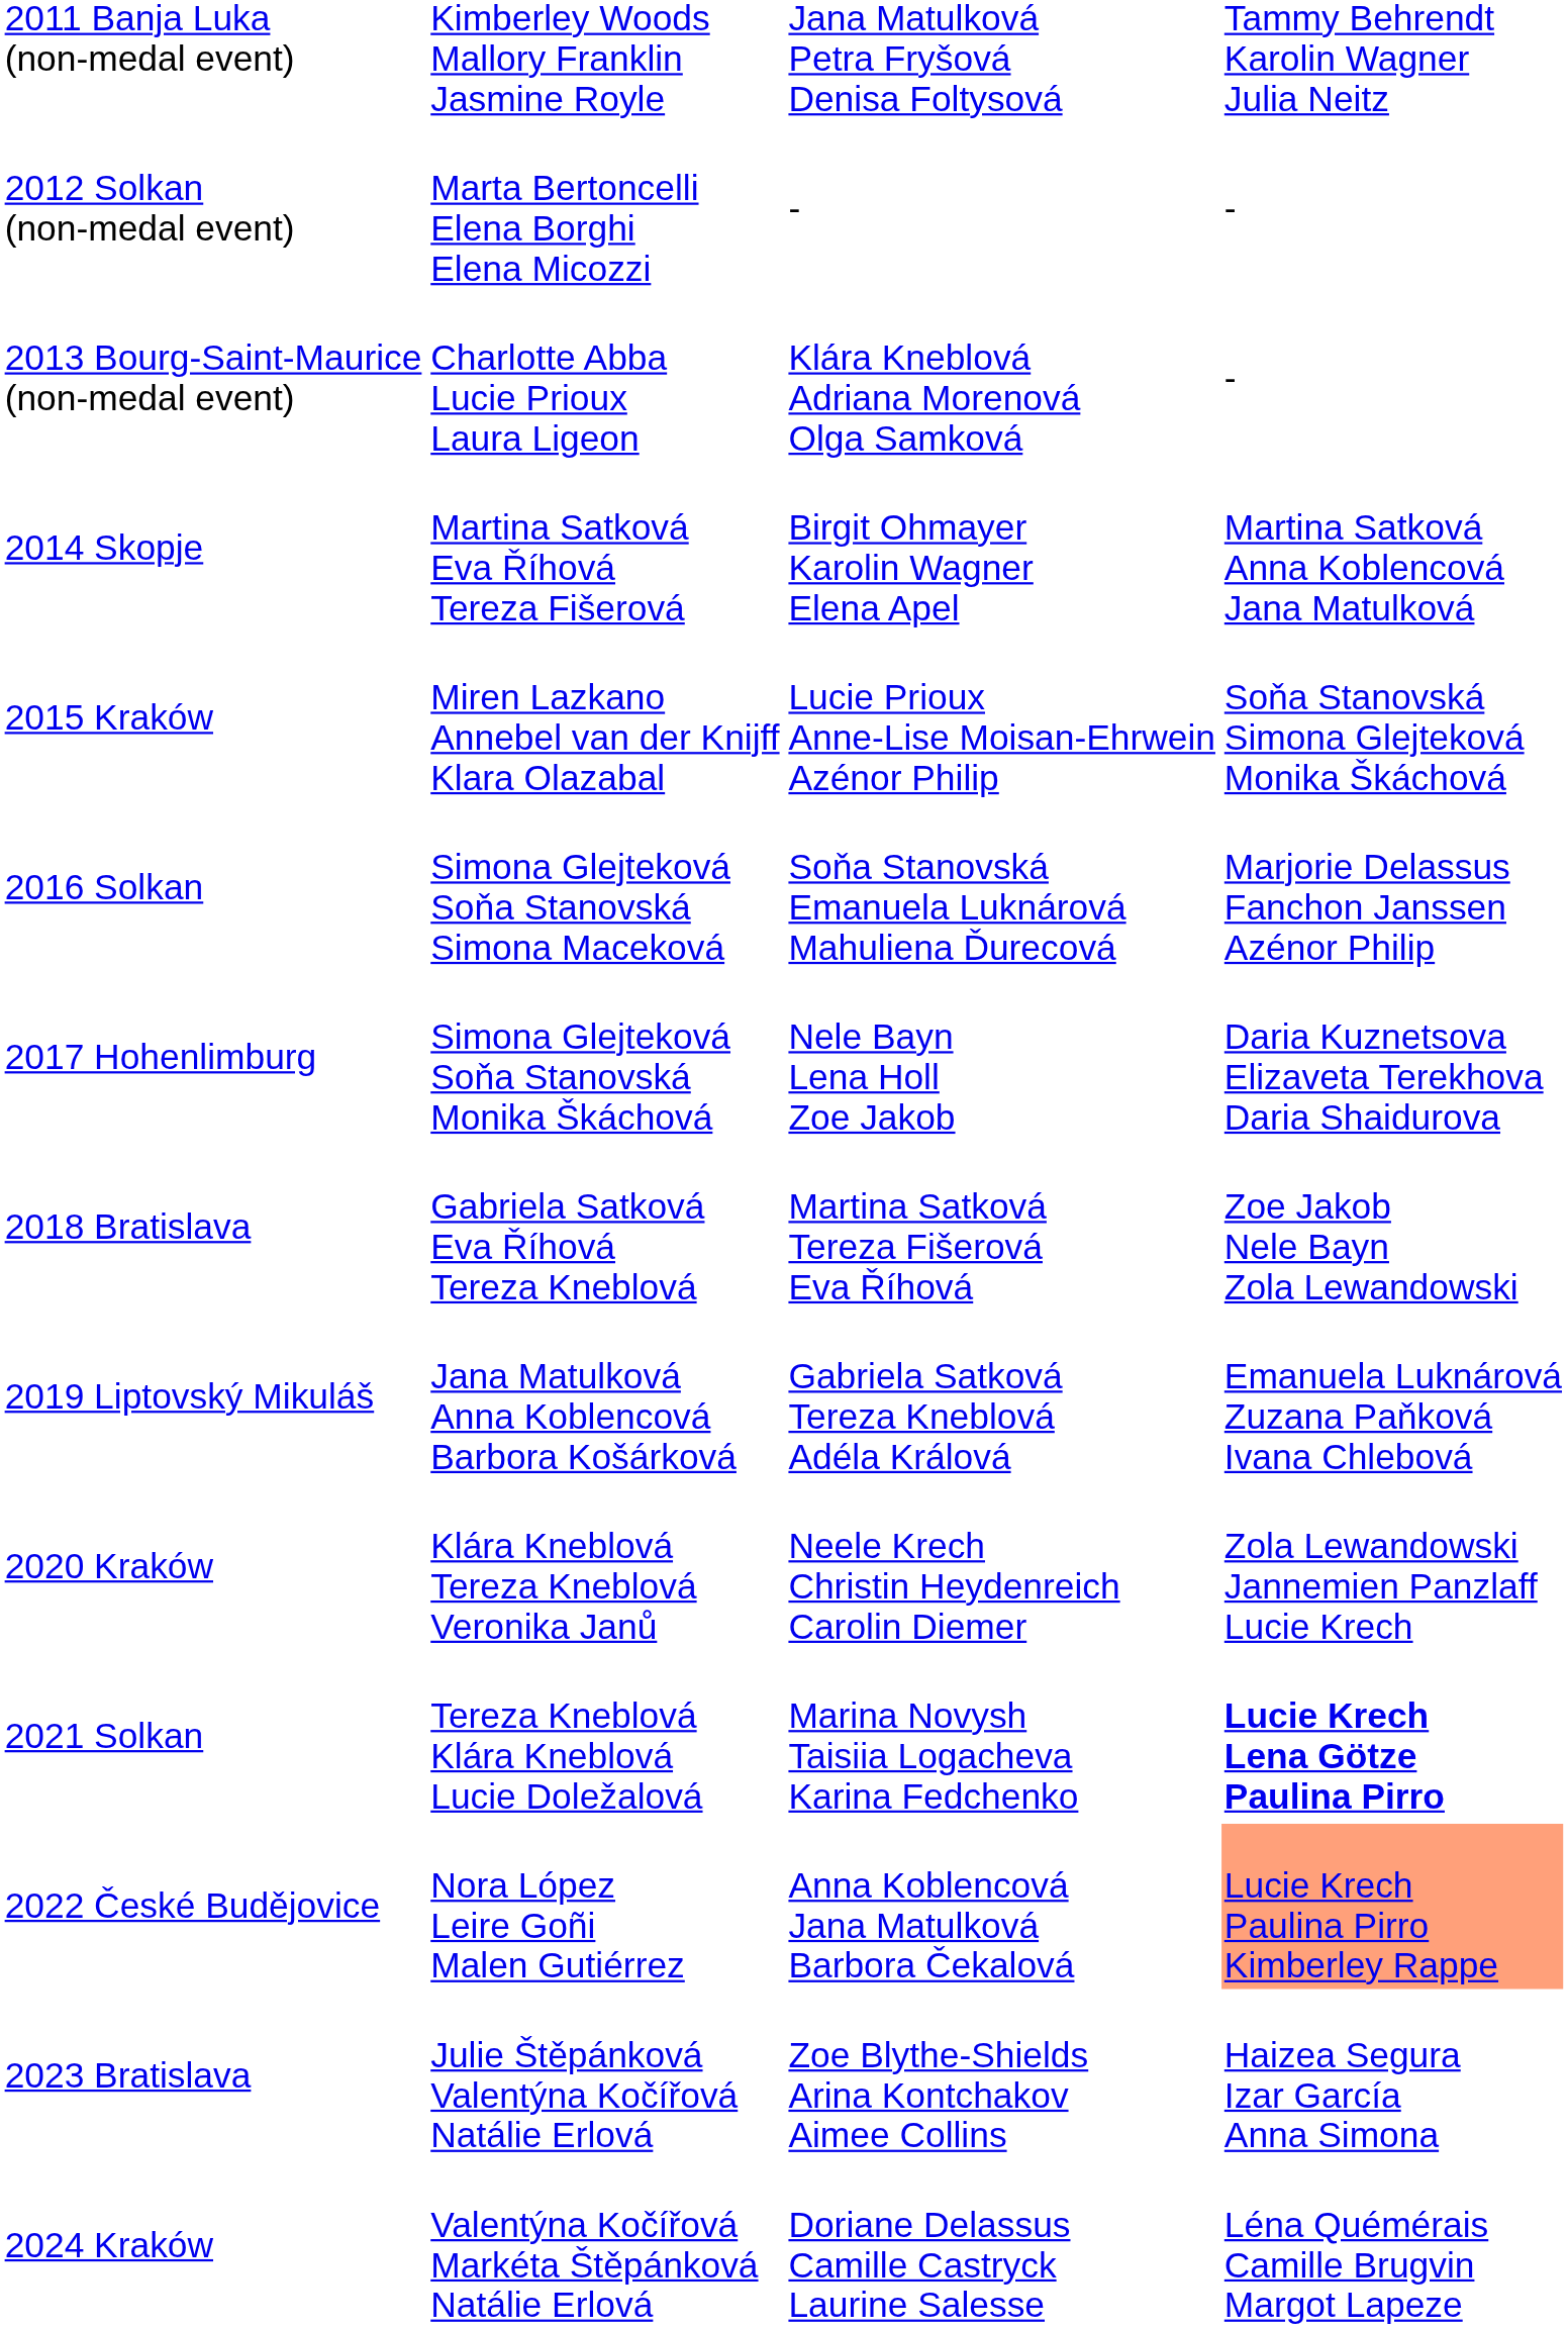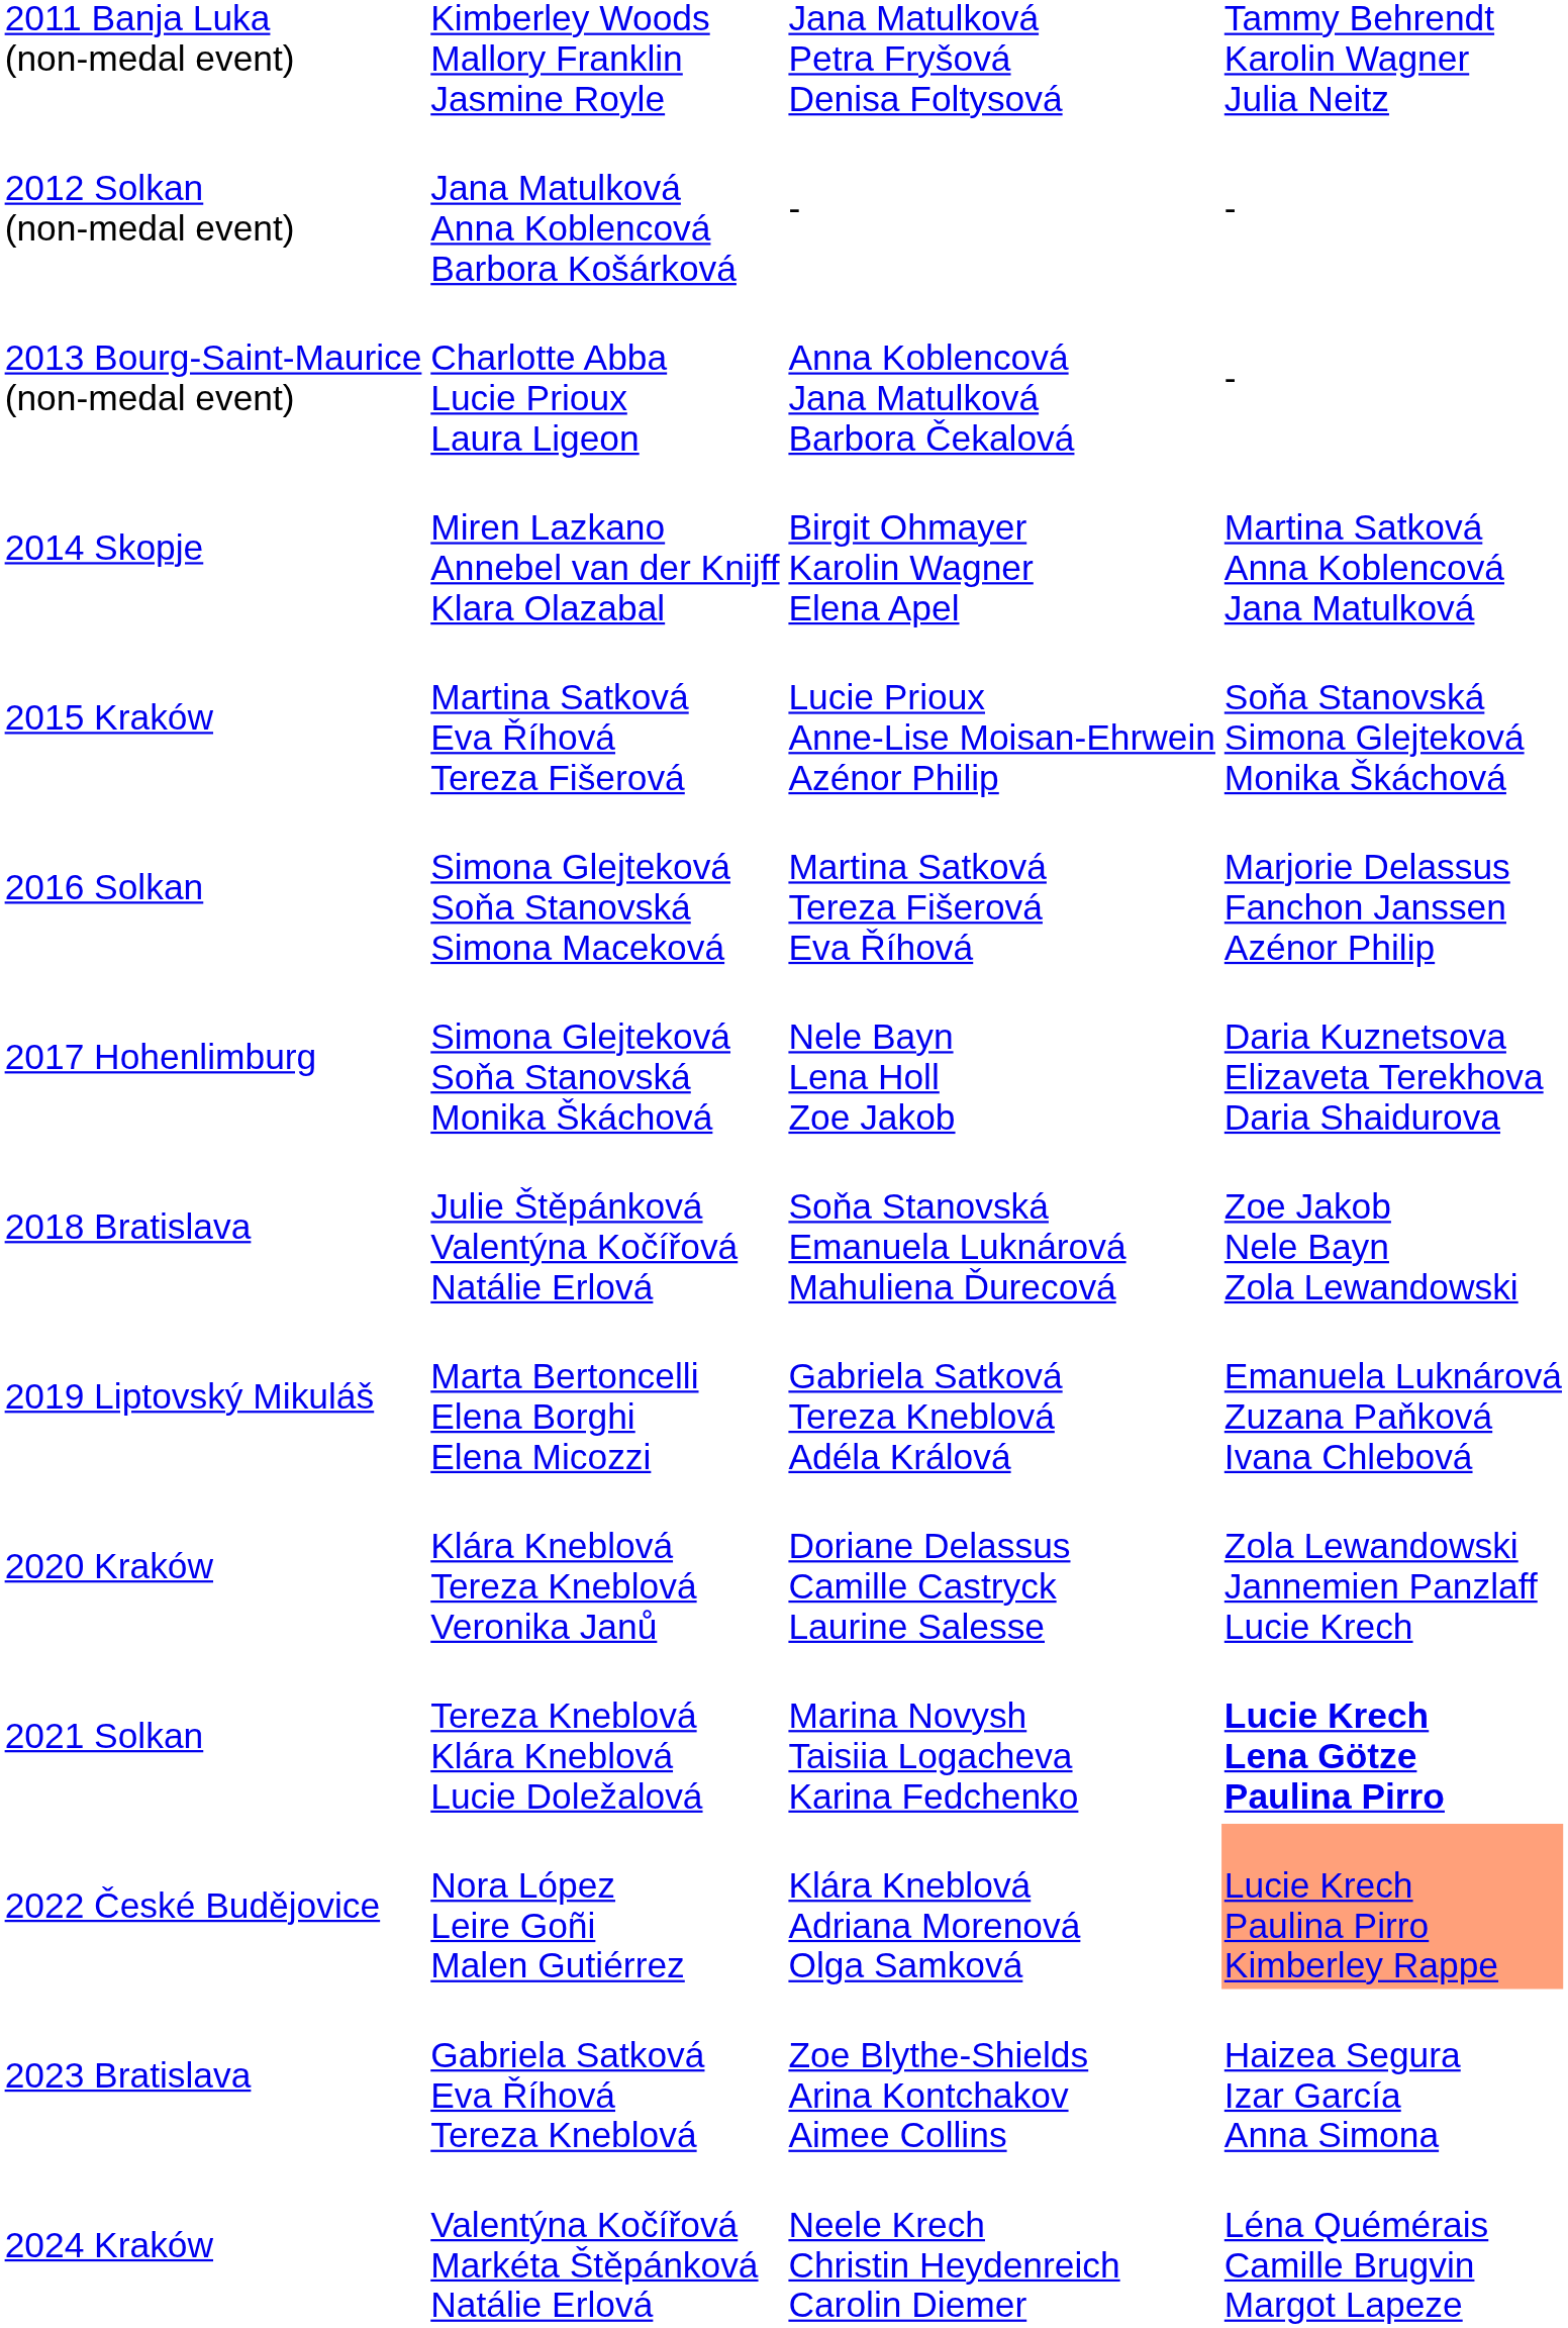 <table>
 <tr>
 <td><a href='#'>2011 Banja Luka</a><br>(non-medal event)</td>
 <td><br><a href='#'>Kimberley Woods</a><br><a href='#'>Mallory Franklin</a><br><a href='#'>Jasmine Royle</a></td>
 <td><br><a href='#'>Jana Matulková</a><br><a href='#'>Petra Fryšová</a><br><a href='#'>Denisa Foltysová</a></td>
 <td><br><a href='#'>Tammy Behrendt</a><br><a href='#'>Karolin Wagner</a><br><a href='#'>Julia Neitz</a></td>
 </tr>
 <tr>
 <td><a href='#'>2012 Solkan</a><br>(non-medal event)</td>
-<td><br><a href='#'>Marta Bertoncelli</a><br><a href='#'>Elena Borghi</a><br><a href='#'>Elena Micozzi</a></td>
+<td><br><a href='#'>Jana Matulková</a><br><a href='#'>Anna Koblencová</a><br><a href='#'>Barbora Košárková</a></td>
 <td>-</td>
 <td>-</td>
 </tr>
 <tr>
 <td><a href='#'>2013 Bourg-Saint-Maurice</a><br>(non-medal event)</td>
 <td><br><a href='#'>Charlotte Abba</a><br><a href='#'>Lucie Prioux</a><br><a href='#'>Laura Ligeon</a></td>
-<td><br><a href='#'>Klára Kneblová</a><br><a href='#'>Adriana Morenová</a><br><a href='#'>Olga Samková</a></td>
+<td><br><a href='#'>Anna Koblencová</a><br><a href='#'>Jana Matulková</a><br><a href='#'>Barbora Čekalová</a></td>
 <td>-</td>
 </tr>
 <tr>
 <td><a href='#'>2014 Skopje</a></td>
-<td><br><a href='#'>Martina Satková</a><br><a href='#'>Eva Říhová</a><br><a href='#'>Tereza Fišerová</a></td>
+<td><br><a href='#'>Miren Lazkano</a><br><a href='#'>Annebel van der Knijff</a><br><a href='#'>Klara Olazabal</a></td>
 <td><br><a href='#'>Birgit Ohmayer</a><br><a href='#'>Karolin Wagner</a><br><a href='#'>Elena Apel</a></td>
 <td><br><a href='#'>Martina Satková</a><br><a href='#'>Anna Koblencová</a><br><a href='#'>Jana Matulková</a></td>
 </tr>
 <tr>
 <td><a href='#'>2015 Kraków</a></td>
-<td><br><a href='#'>Miren Lazkano</a><br><a href='#'>Annebel van der Knijff</a><br><a href='#'>Klara Olazabal</a></td>
+<td><br><a href='#'>Martina Satková</a><br><a href='#'>Eva Říhová</a><br><a href='#'>Tereza Fišerová</a></td>
 <td><br><a href='#'>Lucie Prioux</a><br><a href='#'>Anne-Lise Moisan-Ehrwein</a><br><a href='#'>Azénor Philip</a></td>
 <td><br><a href='#'>Soňa Stanovská</a><br><a href='#'>Simona Glejteková</a><br><a href='#'>Monika Škáchová</a></td>
 </tr>
 <tr>
 <td><a href='#'>2016 Solkan</a></td>
 <td><br><a href='#'>Simona Glejteková</a><br><a href='#'>Soňa Stanovská</a><br><a href='#'>Simona Maceková</a></td>
-<td><br><a href='#'>Soňa Stanovská</a><br><a href='#'>Emanuela Luknárová</a><br><a href='#'>Mahuliena Ďurecová</a></td>
+<td><br><a href='#'>Martina Satková</a><br><a href='#'>Tereza Fišerová</a><br><a href='#'>Eva Říhová</a></td>
 <td><br><a href='#'>Marjorie Delassus</a><br><a href='#'>Fanchon Janssen</a><br><a href='#'>Azénor Philip</a></td>
 </tr>
 <tr>
 <td><a href='#'>2017 Hohenlimburg</a></td>
 <td><br><a href='#'>Simona Glejteková</a><br><a href='#'>Soňa Stanovská</a><br><a href='#'>Monika Škáchová</a></td>
 <td><br><a href='#'>Nele Bayn</a><br><a href='#'>Lena Holl</a><br><a href='#'>Zoe Jakob</a></td>
 <td><br><a href='#'>Daria Kuznetsova</a><br><a href='#'>Elizaveta Terekhova</a><br><a href='#'>Daria Shaidurova</a></td>
 </tr>
 <tr>
 <td><a href='#'>2018 Bratislava</a></td>
-<td><br><a href='#'>Gabriela Satková</a><br><a href='#'>Eva Říhová</a><br><a href='#'>Tereza Kneblová</a></td>
-<td><br><a href='#'>Martina Satková</a><br><a href='#'>Tereza Fišerová</a><br><a href='#'>Eva Říhová</a></td>
+<td><br><a href='#'>Julie Štěpánková</a><br><a href='#'>Valentýna Kočířová</a><br><a href='#'>Natálie Erlová</a></td>
+<td><br><a href='#'>Soňa Stanovská</a><br><a href='#'>Emanuela Luknárová</a><br><a href='#'>Mahuliena Ďurecová</a></td>
 <td><br><a href='#'>Zoe Jakob</a><br><a href='#'>Nele Bayn</a><br><a href='#'>Zola Lewandowski</a></td>
 </tr>
 <tr>
 <td><a href='#'>2019 Liptovský Mikuláš</a></td>
-<td><br><a href='#'>Jana Matulková</a><br><a href='#'>Anna Koblencová</a><br><a href='#'>Barbora Košárková</a></td>
+<td><br><a href='#'>Marta Bertoncelli</a><br><a href='#'>Elena Borghi</a><br><a href='#'>Elena Micozzi</a></td>
 <td><br><a href='#'>Gabriela Satková</a><br><a href='#'>Tereza Kneblová</a><br><a href='#'>Adéla Králová</a></td>
 <td><br><a href='#'>Emanuela Luknárová</a><br><a href='#'>Zuzana Paňková</a><br><a href='#'>Ivana Chlebová</a></td>
 </tr>
 <tr>
 <td><a href='#'>2020 Kraków</a></td>
 <td><br><a href='#'>Klára Kneblová</a><br><a href='#'>Tereza Kneblová</a><br><a href='#'>Veronika Janů</a></td>
-<td><br><a href='#'>Neele Krech</a><br><a href='#'>Christin Heydenreich</a><br><a href='#'>Carolin Diemer</a></td>
+<td><br><a href='#'>Doriane Delassus</a><br><a href='#'>Camille Castryck</a><br><a href='#'>Laurine Salesse</a></td>
 <td><br><a href='#'>Zola Lewandowski</a><br><a href='#'>Jannemien Panzlaff</a><br><a href='#'>Lucie Krech</a></td>
 </tr>
 <tr>
 <td><a href='#'>2021 Solkan</a></td>
 <td><br><a href='#'>Tereza Kneblová</a><br><a href='#'>Klára Kneblová</a><br><a href='#'>Lucie Doležalová</a></td>
 <td><br><a href='#'>Marina Novysh</a><br><a href='#'>Taisiia Logacheva</a><br><a href='#'>Karina Fedchenko</a></td>
 <td><strong><br><a href='#'>Lucie Krech</a><br><a href='#'>Lena Götze</a><br><a href='#'>Paulina Pirro</a></strong></td>
 </tr>
 <tr>
 <td><a href='#'>2022 České Budějovice</a></td>
 <td><br><a href='#'>Nora López</a><br><a href='#'>Leire Goñi</a><br><a href='#'>Malen Gutiérrez</a></td>
-<td><br><a href='#'>Anna Koblencová</a><br><a href='#'>Jana Matulková</a><br><a href='#'>Barbora Čekalová</a></td>
+<td><br><a href='#'>Klára Kneblová</a><br><a href='#'>Adriana Morenová</a><br><a href='#'>Olga Samková</a></td>
 <td style="background: lightsalmon;"><br><a href='#'>Lucie Krech</a><br><a href='#'>Paulina Pirro</a><br><a href='#'>Kimberley Rappe</a></td>
 </tr>
 <tr>
 <td><a href='#'>2023 Bratislava</a></td>
-<td><br><a href='#'>Julie Štěpánková</a><br><a href='#'>Valentýna Kočířová</a><br><a href='#'>Natálie Erlová</a></td>
+<td><br><a href='#'>Gabriela Satková</a><br><a href='#'>Eva Říhová</a><br><a href='#'>Tereza Kneblová</a></td>
 <td><br><a href='#'>Zoe Blythe-Shields</a><br><a href='#'>Arina Kontchakov</a><br><a href='#'>Aimee Collins</a></td>
 <td><br><a href='#'>Haizea Segura</a><br><a href='#'>Izar García</a><br><a href='#'>Anna Simona</a></td>
 </tr>
 <tr>
 <td><a href='#'>2024 Kraków</a></td>
 <td><br><a href='#'>Valentýna Kočířová</a><br><a href='#'>Markéta Štěpánková</a><br><a href='#'>Natálie Erlová</a></td>
-<td><br><a href='#'>Doriane Delassus</a><br><a href='#'>Camille Castryck</a><br><a href='#'>Laurine Salesse</a></td>
+<td><br><a href='#'>Neele Krech</a><br><a href='#'>Christin Heydenreich</a><br><a href='#'>Carolin Diemer</a></td>
 <td><br><a href='#'>Léna Quémérais</a><br><a href='#'>Camille Brugvin</a><br><a href='#'>Margot Lapeze</a></td>
 </tr>
 </table>
